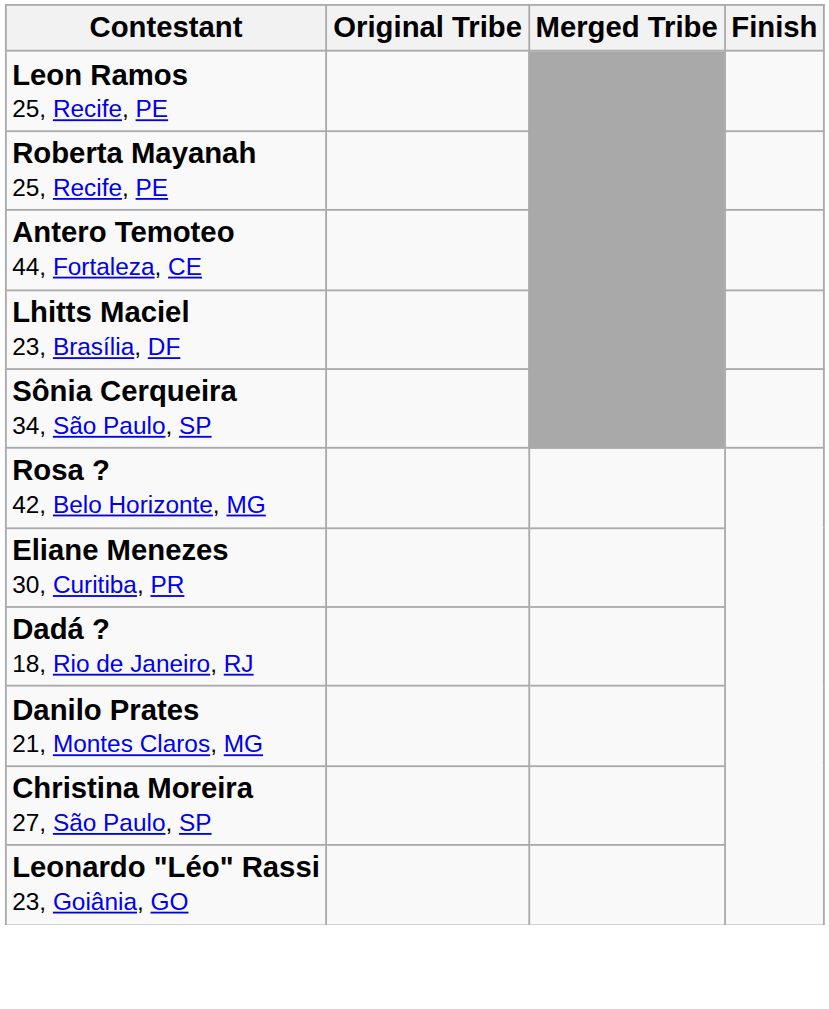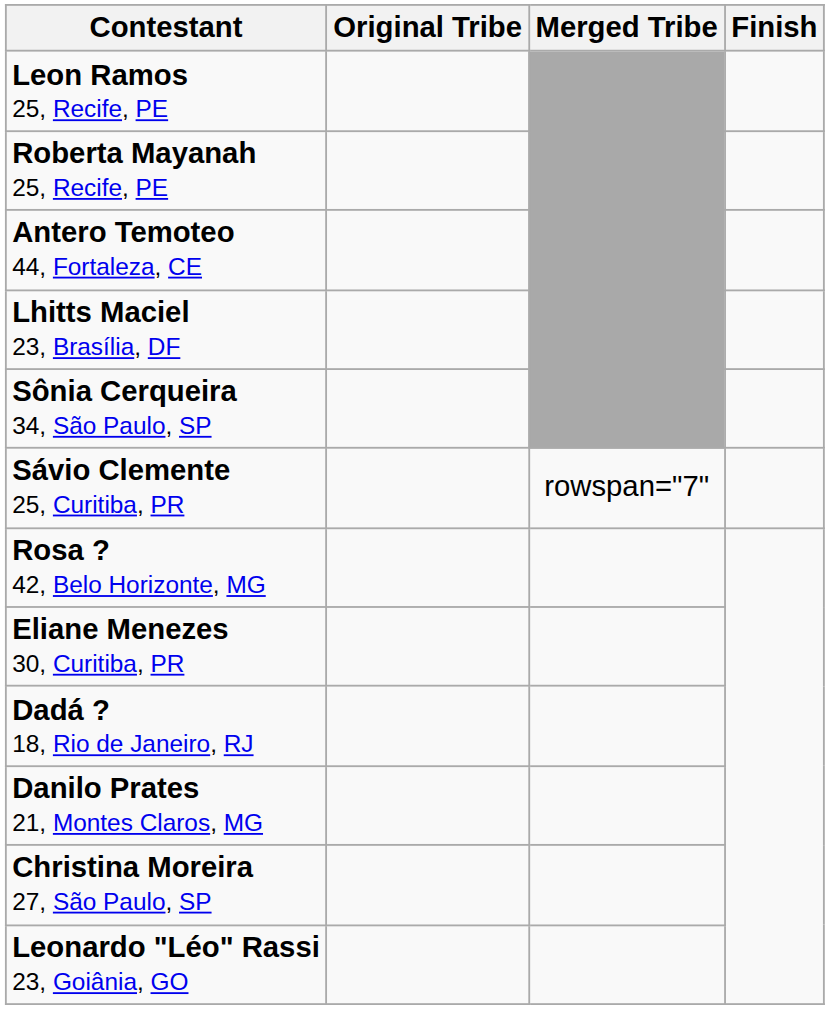 <table class="wikitable sortable" style="margin:auto; text-align:center">
 <tr>
 <th>Contestant</th>
 <th>Original Tribe</th>
 <th>Merged Tribe</th>
 <th>Finish</th>
 </tr>
 <tr>
 <td align="left"><strong>Leon Ramos</strong><br><small>25, <a href='#'>Recife</a>, <a href='#'>PE</a></small></td>
 <td></td>
 <td style="background:darkgrey;" rowspan="5"></td>
 <td></td>
 </tr>
 <tr>
 <td align="left"><strong>Roberta Mayanah</strong><br><small>25, <a href='#'>Recife</a>, <a href='#'>PE</a></small></td>
 <td></td>
 <td></td>
 </tr>
 <tr>
 <td align="left"><strong>Antero Temoteo</strong><br><small>44, <a href='#'>Fortaleza</a>, <a href='#'>CE</a></small></td>
 <td></td>
 <td></td>
 </tr>
 <tr>
 <td align="left"><strong>Lhitts Maciel</strong><br><small>23, <a href='#'>Brasília</a>, <a href='#'>DF</a></small></td>
 <td></td>
 <td></td>
 </tr>
 <tr>
 <td align="left"><strong>Sônia Cerqueira</strong><br><small>34, <a href='#'>São Paulo</a>, <a href='#'>SP</a></small></td>
 <td></td>
 <td></td>
 </tr>
 <tr>
+<td align="left"><strong>Sávio Clemente</strong><br><small>25, <a href='#'>Curitiba</a>, <a href='#'>PR</a></small></td>
+<td></td>
+<td>rowspan="7" </td>
+<td></td>
+</tr>
+<tr>
 <td align="left"><strong>Rosa ?</strong><br><small>42, <a href='#'>Belo Horizonte</a>, <a href='#'>MG</a></small></td>
 <td></td>
 <td></td>
 </tr>
 <tr>
 <td align="left"><strong>Eliane Menezes</strong><br><small>30, <a href='#'>Curitiba</a>, <a href='#'>PR</a></small></td>
 <td></td>
 <td></td>
 </tr>
 <tr>
 <td align="left"><strong>Dadá ?</strong><br><small>18, <a href='#'>Rio de Janeiro</a>, <a href='#'>RJ</a></small></td>
 <td></td>
 <td></td>
 </tr>
 <tr>
 <td align="left"><strong>Danilo Prates</strong><br><small>21, <a href='#'>Montes Claros</a>, <a href='#'>MG</a></small></td>
 <td></td>
 <td></td>
 </tr>
 <tr>
 <td align="left"><strong>Christina Moreira</strong><br><small>27, <a href='#'>São Paulo</a>, <a href='#'>SP</a></small></td>
 <td></td>
 <td></td>
 </tr>
 <tr>
 <td align="left"><strong>Leonardo "Léo" Rassi</strong><br><small>23, <a href='#'>Goiânia</a>, <a href='#'>GO</a></small></td>
 <td></td>
 <td></td>
 </tr>
 </table>
